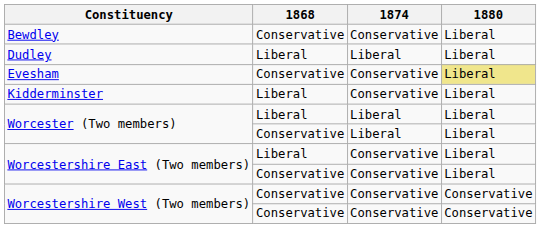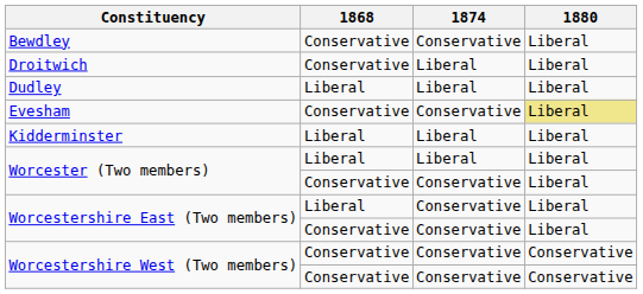 <table class="wikitable">
 <tr>
 <th>Constituency</th>
 <th>1868</th>
 <th>1874</th>
 <th>1880</th>
 </tr>
 <tr>
 <td><a href='#'>Bewdley</a></td>
 <td>Conservative</td>
 <td>Conservative</td>
+<td>Liberal</td>
+</tr>
+<tr>
+<td><a href='#'>Droitwich</a></td>
+<td>Conservative</td>
+<td>Liberal</td>
 <td>Liberal</td>
 </tr>
 <tr>
 <td><a href='#'>Dudley</a></td>
 <td>Liberal</td>
 <td>Liberal</td>
 <td>Liberal</td>
 </tr>
 <tr>
 <td><a href='#'>Evesham</a></td>
 <td>Conservative</td>
 <td>Conservative</td>
 <td style="background: khaki;">Liberal</td>
 </tr>
 <tr>
 <td><a href='#'>Kidderminster</a></td>
 <td>Liberal</td>
-<td>Conservative</td>
+<td>Liberal</td>
 <td>Liberal</td>
 </tr>
 <tr>
 <td rowspan="2"><a href='#'>Worcester</a> (Two members)</td>
 <td>Liberal</td>
 <td>Liberal</td>
 <td>Liberal</td>
 </tr>
 <tr>
 <td>Conservative</td>
-<td>Liberal</td>
+<td>Conservative</td>
 <td>Liberal</td>
 </tr>
 <tr>
 <td rowspan="2"><a href='#'>Worcestershire East</a> (Two members)</td>
 <td>Liberal</td>
 <td>Conservative</td>
 <td>Liberal</td>
 </tr>
 <tr>
 <td>Conservative</td>
 <td>Conservative</td>
 <td>Liberal</td>
 </tr>
 <tr>
 <td rowspan="2"><a href='#'>Worcestershire West</a> (Two members)</td>
 <td>Conservative</td>
 <td>Conservative</td>
 <td>Conservative</td>
 </tr>
 <tr>
 <td>Conservative</td>
 <td>Conservative</td>
 <td>Conservative</td>
 </tr>
 </table>
